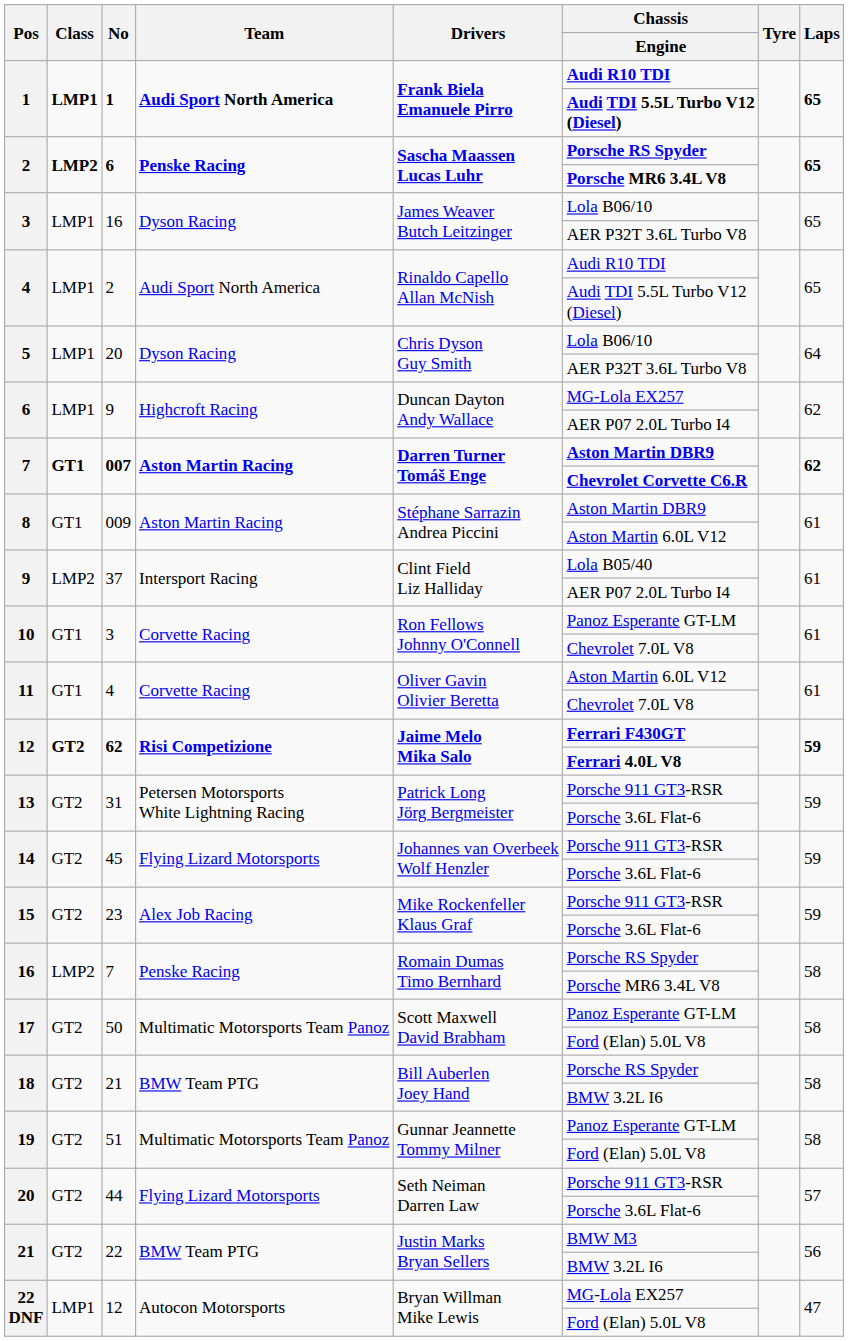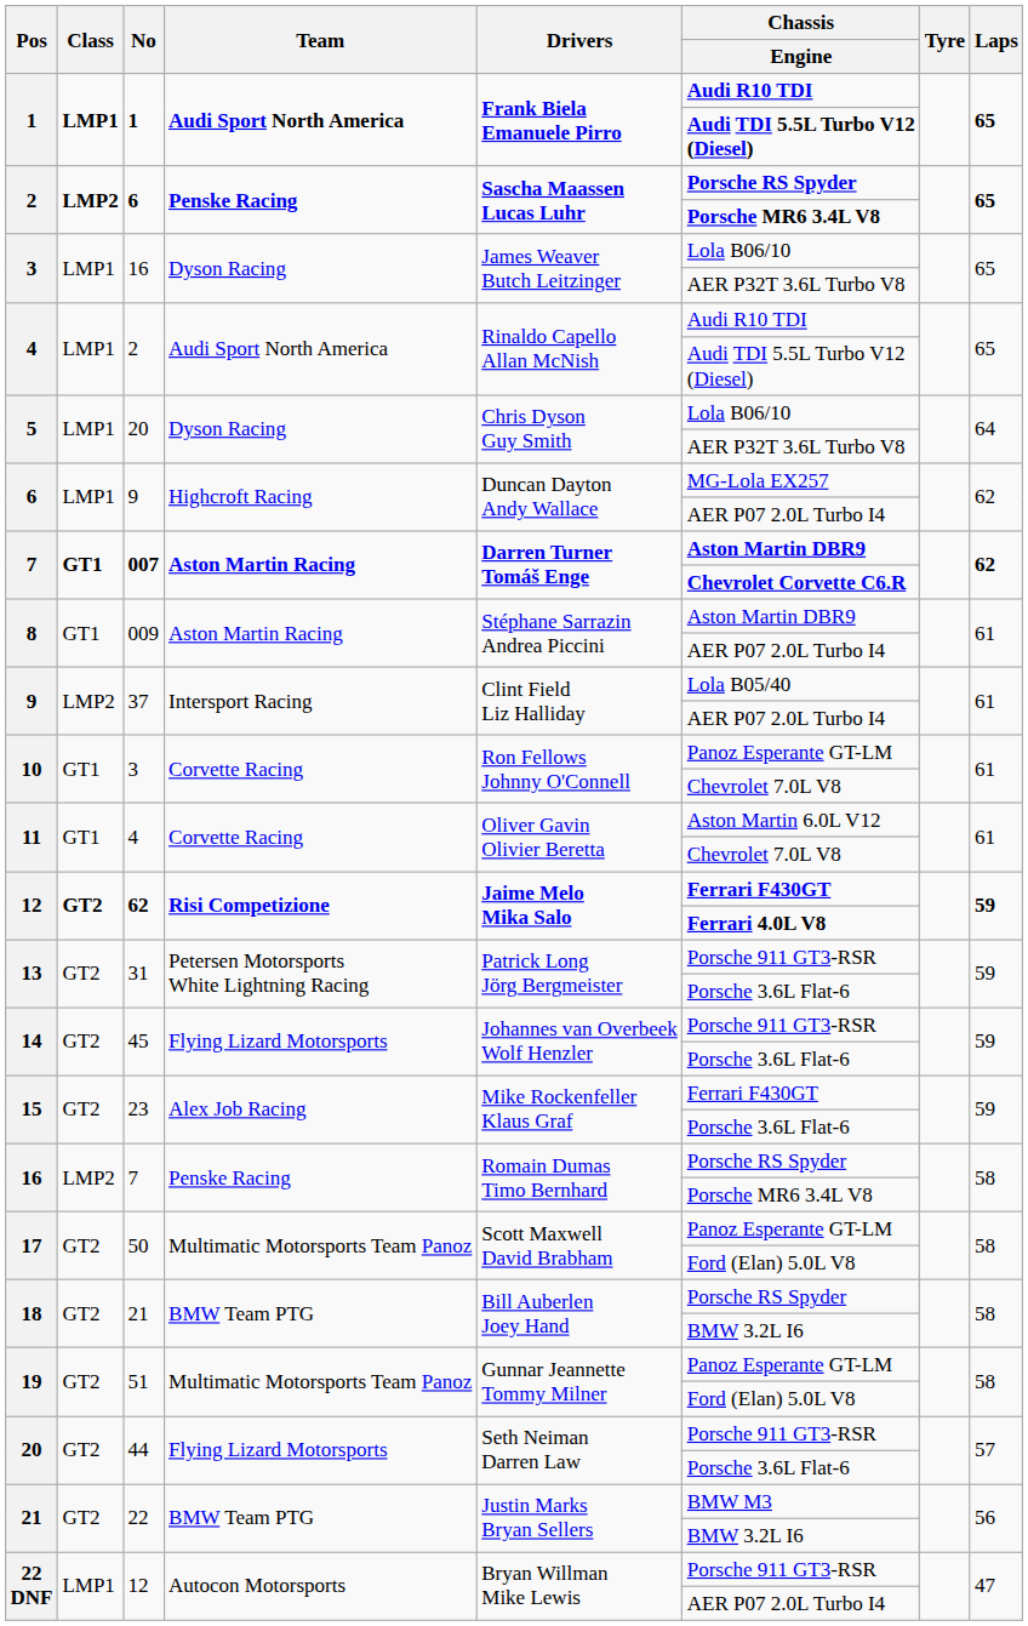 <table class="wikitable" style="font-size: 95%;">
 <tr>
 <th rowspan=2>Pos</th>
 <th rowspan=2>Class</th>
 <th rowspan=2>No</th>
 <th rowspan=2>Team</th>
 <th rowspan=2>Drivers</th>
 <th>Chassis</th>
 <th rowspan=2>Tyre</th>
 <th rowspan=2>Laps</th>
 </tr>
 <tr>
 <th>Engine</th>
 </tr>
 <tr style="font-weight:bold">
 <th rowspan=2>1</th>
 <td rowspan=2>LMP1</td>
 <td rowspan=2>1</td>
 <td rowspan=2> <a href='#'>Audi Sport</a> North America</td>
 <td rowspan=2> <a href='#'>Frank Biela</a><br> <a href='#'>Emanuele Pirro</a></td>
 <td><a href='#'>Audi R10 TDI</a></td>
 <td rowspan=2></td>
 <td rowspan=2>65</td>
 </tr>
 <tr style="font-weight:bold">
 <td><a href='#'>Audi</a> <a href='#'>TDI</a> 5.5L Turbo V12<br>(<a href='#'>Diesel</a>)</td>
 </tr>
 <tr style="font-weight:bold">
 <th rowspan=2>2</th>
 <td rowspan=2>LMP2</td>
 <td rowspan=2>6</td>
 <td rowspan=2> <a href='#'>Penske Racing</a></td>
 <td rowspan=2> <a href='#'>Sascha Maassen</a><br> <a href='#'>Lucas Luhr</a></td>
 <td><a href='#'>Porsche RS Spyder</a></td>
 <td rowspan=2></td>
 <td rowspan=2>65</td>
 </tr>
 <tr style="font-weight:bold">
 <td><a href='#'>Porsche</a> MR6 3.4L V8</td>
 </tr>
 <tr>
 <th rowspan=2>3</th>
 <td rowspan=2>LMP1</td>
 <td rowspan=2>16</td>
 <td rowspan=2> <a href='#'>Dyson Racing</a></td>
 <td rowspan=2> <a href='#'>James Weaver</a><br> <a href='#'>Butch Leitzinger</a></td>
 <td><a href='#'>Lola</a> B06/10</td>
 <td rowspan=2></td>
 <td rowspan=2>65</td>
 </tr>
 <tr>
 <td>AER P32T 3.6L Turbo V8</td>
 </tr>
 <tr>
 <th rowspan=2>4</th>
 <td rowspan=2>LMP1</td>
 <td rowspan=2>2</td>
 <td rowspan=2> <a href='#'>Audi Sport</a> North America</td>
 <td rowspan=2> <a href='#'>Rinaldo Capello</a><br> <a href='#'>Allan McNish</a></td>
 <td><a href='#'>Audi R10 TDI</a></td>
 <td rowspan=2></td>
 <td rowspan=2>65</td>
 </tr>
 <tr>
 <td><a href='#'>Audi</a> <a href='#'>TDI</a> 5.5L Turbo V12<br>(<a href='#'>Diesel</a>)</td>
 </tr>
 <tr>
 <th rowspan=2>5</th>
 <td rowspan=2>LMP1</td>
 <td rowspan=2>20</td>
 <td rowspan=2> <a href='#'>Dyson Racing</a></td>
 <td rowspan=2> <a href='#'>Chris Dyson</a><br> <a href='#'>Guy Smith</a></td>
 <td><a href='#'>Lola</a> B06/10</td>
 <td rowspan=2></td>
 <td rowspan=2>64</td>
 </tr>
 <tr>
 <td>AER P32T 3.6L Turbo V8</td>
 </tr>
 <tr>
 <th rowspan=2>6</th>
 <td rowspan=2>LMP1</td>
 <td rowspan=2>9</td>
 <td rowspan=2> <a href='#'>Highcroft Racing</a></td>
 <td rowspan=2> Duncan Dayton<br> <a href='#'>Andy Wallace</a></td>
 <td><a href='#'>MG-Lola EX257</a></td>
 <td rowspan=2></td>
 <td rowspan=2>62</td>
 </tr>
 <tr>
 <td>AER P07 2.0L Turbo I4</td>
 </tr>
 <tr style="font-weight:bold">
 <th rowspan=2>7</th>
 <td rowspan=2>GT1</td>
 <td rowspan=2>007</td>
 <td rowspan=2> <a href='#'>Aston Martin Racing</a></td>
 <td rowspan=2> <a href='#'>Darren Turner</a><br> <a href='#'>Tomáš Enge</a></td>
 <td><a href='#'>Aston Martin DBR9</a></td>
 <td rowspan=2></td>
 <td rowspan=2>62</td>
 </tr>
 <tr style="font-weight:bold">
 <td><a href='#'>Chevrolet Corvette C6.R</a></td>
 </tr>
 <tr>
 <th rowspan=2>8</th>
 <td rowspan=2>GT1</td>
 <td rowspan=2>009</td>
 <td rowspan=2> <a href='#'>Aston Martin Racing</a></td>
 <td rowspan=2> <a href='#'>Stéphane Sarrazin</a><br> Andrea Piccini</td>
 <td><a href='#'>Aston Martin DBR9</a></td>
 <td rowspan=2></td>
 <td rowspan=2>61</td>
 </tr>
 <tr>
-<td><a href='#'>Aston Martin</a> 6.0L V12</td>
+<td>AER P07 2.0L Turbo I4</td>
 </tr>
 <tr>
 <th rowspan=2>9</th>
 <td rowspan=2>LMP2</td>
 <td rowspan=2>37</td>
 <td rowspan=2> Intersport Racing</td>
 <td rowspan=2> Clint Field<br> Liz Halliday</td>
 <td><a href='#'>Lola</a> B05/40</td>
 <td rowspan=2></td>
 <td rowspan=2>61</td>
 </tr>
 <tr>
 <td>AER P07 2.0L Turbo I4</td>
 </tr>
 <tr>
 <th rowspan=2>10</th>
 <td rowspan=2>GT1</td>
 <td rowspan=2>3</td>
 <td rowspan=2> <a href='#'>Corvette Racing</a></td>
 <td rowspan=2> <a href='#'>Ron Fellows</a><br> <a href='#'>Johnny O'Connell</a></td>
 <td><a href='#'>Panoz Esperante</a> GT-LM</td>
 <td rowspan=2></td>
 <td rowspan=2>61</td>
 </tr>
 <tr>
 <td><a href='#'>Chevrolet</a> 7.0L V8</td>
 </tr>
 <tr>
 <th rowspan=2>11</th>
 <td rowspan=2>GT1</td>
 <td rowspan=2>4</td>
 <td rowspan=2> <a href='#'>Corvette Racing</a></td>
 <td rowspan=2> <a href='#'>Oliver Gavin</a><br> <a href='#'>Olivier Beretta</a></td>
 <td><a href='#'>Aston Martin</a> 6.0L V12</td>
 <td rowspan=2></td>
 <td rowspan=2>61</td>
 </tr>
 <tr>
 <td><a href='#'>Chevrolet</a> 7.0L V8</td>
 </tr>
 <tr style="font-weight:bold">
 <th rowspan=2>12</th>
 <td rowspan=2>GT2</td>
 <td rowspan=2>62</td>
 <td rowspan=2> <a href='#'>Risi Competizione</a></td>
 <td rowspan=2> <a href='#'>Jaime Melo</a><br> <a href='#'>Mika Salo</a></td>
 <td><a href='#'>Ferrari F430GT</a></td>
 <td rowspan=2></td>
 <td rowspan=2>59</td>
 </tr>
 <tr style="font-weight:bold">
 <td><a href='#'>Ferrari</a> 4.0L V8</td>
 </tr>
 <tr>
 <th rowspan=2>13</th>
 <td rowspan=2>GT2</td>
 <td rowspan=2>31</td>
 <td rowspan=2> Petersen Motorsports<br> White Lightning Racing</td>
 <td rowspan=2> <a href='#'>Patrick Long</a><br> <a href='#'>Jörg Bergmeister</a></td>
 <td><a href='#'>Porsche 911 GT3</a>-RSR</td>
 <td rowspan=2></td>
 <td rowspan=2>59</td>
 </tr>
 <tr>
 <td><a href='#'>Porsche</a> 3.6L Flat-6</td>
 </tr>
 <tr>
 <th rowspan=2>14</th>
 <td rowspan=2>GT2</td>
 <td rowspan=2>45</td>
 <td rowspan=2> <a href='#'>Flying Lizard Motorsports</a></td>
 <td rowspan=2> <a href='#'>Johannes van Overbeek</a><br> <a href='#'>Wolf Henzler</a></td>
 <td><a href='#'>Porsche 911 GT3</a>-RSR</td>
 <td rowspan=2></td>
 <td rowspan=2>59</td>
 </tr>
 <tr>
 <td><a href='#'>Porsche</a> 3.6L Flat-6</td>
 </tr>
 <tr>
 <th rowspan=2>15</th>
 <td rowspan=2>GT2</td>
 <td rowspan=2>23</td>
 <td rowspan=2> <a href='#'>Alex Job Racing</a></td>
 <td rowspan=2> <a href='#'>Mike Rockenfeller</a><br> <a href='#'>Klaus Graf</a></td>
-<td><a href='#'>Porsche 911 GT3</a>-RSR</td>
+<td><a href='#'>Ferrari F430GT</a></td>
 <td rowspan=2></td>
 <td rowspan=2>59</td>
 </tr>
 <tr>
 <td><a href='#'>Porsche</a> 3.6L Flat-6</td>
 </tr>
 <tr>
 <th rowspan=2>16</th>
 <td rowspan=2>LMP2</td>
 <td rowspan=2>7</td>
 <td rowspan=2> <a href='#'>Penske Racing</a></td>
 <td rowspan=2> <a href='#'>Romain Dumas</a><br> <a href='#'>Timo Bernhard</a></td>
 <td><a href='#'>Porsche RS Spyder</a></td>
 <td rowspan=2></td>
 <td rowspan=2>58</td>
 </tr>
 <tr>
 <td><a href='#'>Porsche</a> MR6 3.4L V8</td>
 </tr>
 <tr>
 <th rowspan=2>17</th>
 <td rowspan=2>GT2</td>
 <td rowspan=2>50</td>
 <td rowspan=2> Multimatic Motorsports Team <a href='#'>Panoz</a></td>
 <td rowspan=2> Scott Maxwell<br> <a href='#'>David Brabham</a></td>
 <td><a href='#'>Panoz Esperante</a> GT-LM</td>
 <td rowspan=2></td>
 <td rowspan=2>58</td>
 </tr>
 <tr>
 <td><a href='#'>Ford</a> (Elan) 5.0L V8</td>
 </tr>
 <tr>
 <th rowspan=2>18</th>
 <td rowspan=2>GT2</td>
 <td rowspan=2>21</td>
 <td rowspan=2> <a href='#'>BMW</a> Team PTG</td>
 <td rowspan=2> <a href='#'>Bill Auberlen</a><br> <a href='#'>Joey Hand</a></td>
 <td><a href='#'>Porsche RS Spyder</a></td>
 <td rowspan=2></td>
 <td rowspan=2>58</td>
 </tr>
 <tr>
 <td><a href='#'>BMW</a> 3.2L I6</td>
 </tr>
 <tr>
 <th rowspan=2>19</th>
 <td rowspan=2>GT2</td>
 <td rowspan=2>51</td>
 <td rowspan=2> Multimatic Motorsports Team <a href='#'>Panoz</a></td>
 <td rowspan=2> Gunnar Jeannette<br> <a href='#'>Tommy Milner</a></td>
 <td><a href='#'>Panoz Esperante</a> GT-LM</td>
 <td rowspan=2></td>
 <td rowspan=2>58</td>
 </tr>
 <tr>
 <td><a href='#'>Ford</a> (Elan) 5.0L V8</td>
 </tr>
 <tr>
 <th rowspan=2>20</th>
 <td rowspan=2>GT2</td>
 <td rowspan=2>44</td>
 <td rowspan=2> <a href='#'>Flying Lizard Motorsports</a></td>
 <td rowspan=2> Seth Neiman<br> Darren Law</td>
 <td><a href='#'>Porsche 911 GT3</a>-RSR</td>
 <td rowspan=2></td>
 <td rowspan=2>57</td>
 </tr>
 <tr>
 <td><a href='#'>Porsche</a> 3.6L Flat-6</td>
 </tr>
 <tr>
 <th rowspan=2>21</th>
 <td rowspan=2>GT2</td>
 <td rowspan=2>22</td>
 <td rowspan=2> <a href='#'>BMW</a> Team PTG</td>
 <td rowspan=2> <a href='#'>Justin Marks</a><br> <a href='#'>Bryan Sellers</a></td>
 <td><a href='#'>BMW M3</a></td>
 <td rowspan=2></td>
 <td rowspan=2>56</td>
 </tr>
 <tr>
 <td><a href='#'>BMW</a> 3.2L I6</td>
 </tr>
 <tr>
 <th rowspan=2>22<br>DNF</th>
 <td rowspan=2>LMP1</td>
 <td rowspan=2>12</td>
 <td rowspan=2> Autocon Motorsports</td>
 <td rowspan=2> Bryan Willman<br> Mike Lewis</td>
-<td><a href='#'>MG</a>-<a href='#'>Lola</a> EX257</td>
+<td><a href='#'>Porsche 911 GT3</a>-RSR</td>
 <td rowspan=2></td>
 <td rowspan=2>47</td>
 </tr>
 <tr>
-<td><a href='#'>Ford</a> (Elan) 5.0L V8</td>
+<td>AER P07 2.0L Turbo I4</td>
 </tr>
 </table>
